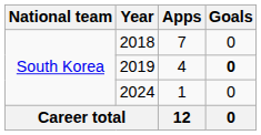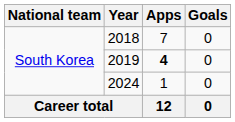 <table class=wikitable style=text-align:center>
 <tr>
 <th>National team</th>
 <th>Year</th>
 <th>Apps</th>
 <th>Goals</th>
 </tr>
 <tr>
 <td rowspan=3><a href='#'>South Korea</a></td>
 <td>2018</td>
 <td>7</td>
 <td>0</td>
 </tr>
 <tr>
 <td>2019</td>
-<td>4</td>
-<td><strong>0</strong></td>
+<td><strong>4</strong></td>
+<td>0</td>
 </tr>
 <tr>
 <td>2024</td>
 <td>1</td>
 <td>0</td>
 </tr>
 <tr>
 <th colspan=2>Career total</th>
 <th>12</th>
 <th>0</th>
 </tr>
 </table>
